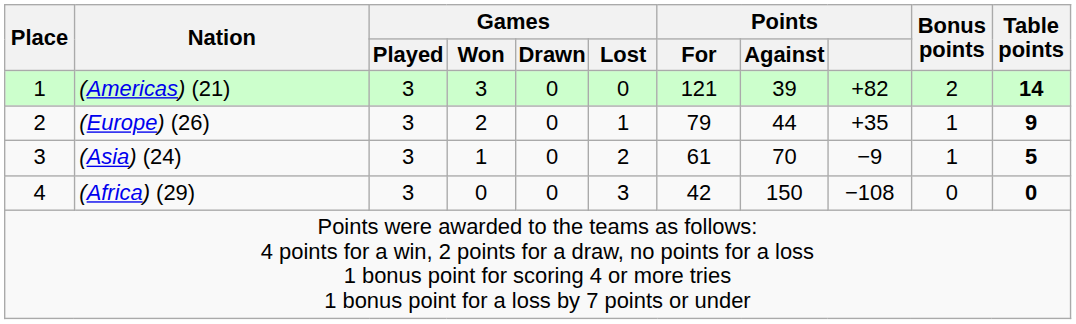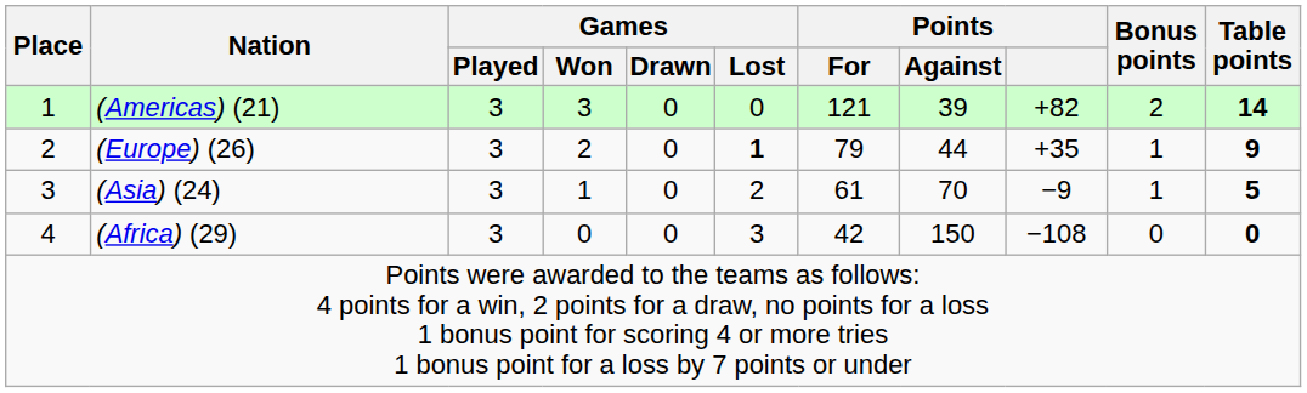 <table class="wikitable" style="text-align:center">
 <tr>
 <th rowspan=2 style="width:2em; padding:4px;">Place</th>
 <th rowspan=2 style="width:13em;">Nation</th>
 <th colspan=4>Games</th>
 <th colspan=3>Points</th>
 <th rowspan=2 style="width:2em; padding:4px;">Bonus<br>points</th>
 <th rowspan=2 style="width:2em; padding:4px;">Table<br>points</th>
 </tr>
 <tr>
 <th style="width:2.8em; padding:2px;">Played</th>
 <th style="width:2.8em; padding:2px;">Won</th>
 <th style="width:2.8em; padding:2px;">Drawn</th>
 <th style="width:2.8em; padding:2px;">Lost</th>
 <th style="width:3.5em; padding:2px;">For</th>
 <th style="width:3.5em; padding:2px;">Against</th>
 <th style="width:3.5em; padding:2px;"></th>
 </tr>
 <tr bgcolor="#ccffcc">
 <td>1</td>
 <td align=left> <em>(<a href='#'>Americas</a>)</em> (21)</td>
 <td>3</td>
 <td>3</td>
 <td>0</td>
 <td>0</td>
 <td>121</td>
 <td>39</td>
 <td>+82</td>
 <td>2</td>
 <td><strong>14</strong></td>
 </tr>
 <tr>
 <td>2</td>
 <td align=left> <em>(<a href='#'>Europe</a>)</em> (26)</td>
 <td>3</td>
 <td>2</td>
 <td>0</td>
-<td>1</td>
+<td><strong>1</strong></td>
 <td>79</td>
 <td>44</td>
 <td>+35</td>
 <td>1</td>
 <td><strong>9</strong></td>
 </tr>
 <tr>
 <td>3</td>
 <td align=left> <em>(<a href='#'>Asia</a>)</em> (24)</td>
 <td>3</td>
 <td>1</td>
 <td>0</td>
 <td>2</td>
 <td>61</td>
 <td>70</td>
 <td>−9</td>
 <td>1</td>
 <td><strong>5</strong></td>
 </tr>
 <tr>
 <td>4</td>
 <td align=left> <em>(<a href='#'>Africa</a>)</em> (29)</td>
 <td>3</td>
 <td>0</td>
 <td>0</td>
 <td>3</td>
 <td>42</td>
 <td>150</td>
 <td>−108</td>
 <td>0</td>
 <td><strong>0</strong></td>
 </tr>
 <tr>
 <td colspan="100%" style="text-align:center">Points were awarded to the teams as follows:<br>4 points for a win, 2 points for a draw, no points for a loss<br>1 bonus point for scoring 4 or more tries<br>1 bonus point for a loss by 7 points or under</td>
 </tr>
 </table>
